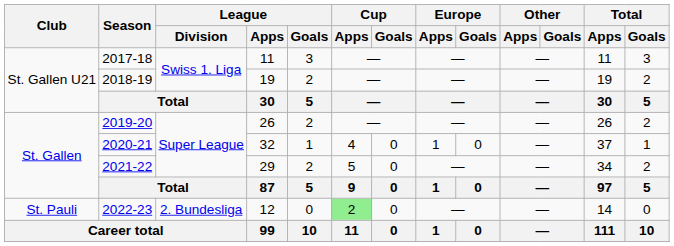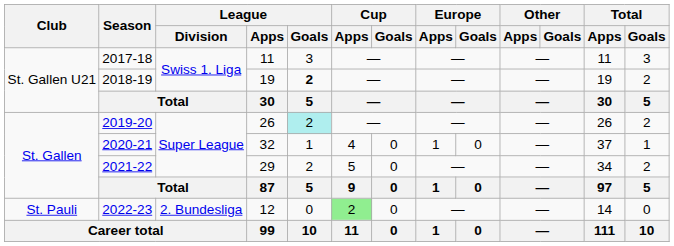 <table class="wikitable" style="text-align: center;">
 <tr>
 <th rowspan="2">Club</th>
 <th rowspan="2">Season</th>
 <th colspan="3">League</th>
 <th colspan="2">Cup</th>
 <th colspan="2">Europe</th>
 <th colspan="2">Other</th>
 <th colspan="2">Total</th>
 </tr>
 <tr>
 <th>Division</th>
 <th>Apps</th>
 <th>Goals</th>
 <th>Apps</th>
 <th>Goals</th>
 <th>Apps</th>
 <th>Goals</th>
 <th>Apps</th>
 <th>Goals</th>
 <th>Apps</th>
 <th>Goals</th>
 </tr>
 <tr>
 <td rowspan="3">St. Gallen U21</td>
 <td>2017-18</td>
 <td rowspan="2"><a href='#'>Swiss 1. Liga</a></td>
 <td>11</td>
 <td>3</td>
 <td colspan="2">—</td>
 <td colspan="2">—</td>
 <td colspan="2">—</td>
 <td>11</td>
 <td>3</td>
 </tr>
 <tr>
 <td>2018-19</td>
 <td>19</td>
-<td>2</td>
+<td><strong>2</strong></td>
 <td colspan="2">—</td>
 <td colspan="2">—</td>
 <td colspan="2">—</td>
 <td>19</td>
 <td>2</td>
 </tr>
 <tr>
 <th colspan="2">Total</th>
 <th>30</th>
 <th>5</th>
 <th colspan="2">—</th>
 <th colspan="2">—</th>
 <th colspan="2">—</th>
 <th>30</th>
 <th>5</th>
 </tr>
 <tr>
 <td rowspan="4"><a href='#'>St. Gallen</a></td>
 <td><a href='#'>2019-20</a></td>
 <td rowspan="3"><a href='#'>Super League</a></td>
 <td>26</td>
-<td>2</td>
+<td style="background: paleturquoise;">2</td>
 <td colspan="2">—</td>
 <td colspan="2">—</td>
 <td colspan="2">—</td>
 <td>26</td>
 <td>2</td>
 </tr>
 <tr>
 <td><a href='#'>2020-21</a></td>
 <td>32</td>
 <td>1</td>
 <td>4</td>
 <td>0</td>
 <td>1</td>
 <td>0</td>
 <td colspan="2">—</td>
 <td>37</td>
 <td>1</td>
 </tr>
 <tr>
 <td><a href='#'>2021-22</a></td>
 <td>29</td>
 <td>2</td>
 <td>5</td>
 <td>0</td>
 <td colspan="2">—</td>
 <td colspan="2">—</td>
 <td>34</td>
 <td>2</td>
 </tr>
 <tr>
 <th colspan="2">Total</th>
 <th>87</th>
 <th>5</th>
 <th>9</th>
 <th>0</th>
 <th>1</th>
 <th>0</th>
 <th colspan="2">—</th>
 <th>97</th>
 <th>5</th>
 </tr>
 <tr>
 <td><a href='#'>St. Pauli</a></td>
 <td><a href='#'>2022-23</a></td>
 <td><a href='#'>2. Bundesliga</a></td>
 <td>12</td>
 <td>0</td>
 <td style="background: lightgreen;">2</td>
 <td>0</td>
 <td colspan="2">—</td>
 <td colspan="2">—</td>
 <td>14</td>
 <td>0</td>
 </tr>
 <tr>
 <th colspan="3">Career total</th>
 <th>99</th>
 <th>10</th>
 <th>11</th>
 <th>0</th>
 <th>1</th>
 <th>0</th>
 <th colspan="2">—</th>
 <th>111</th>
 <th>10</th>
 </tr>
 </table>
